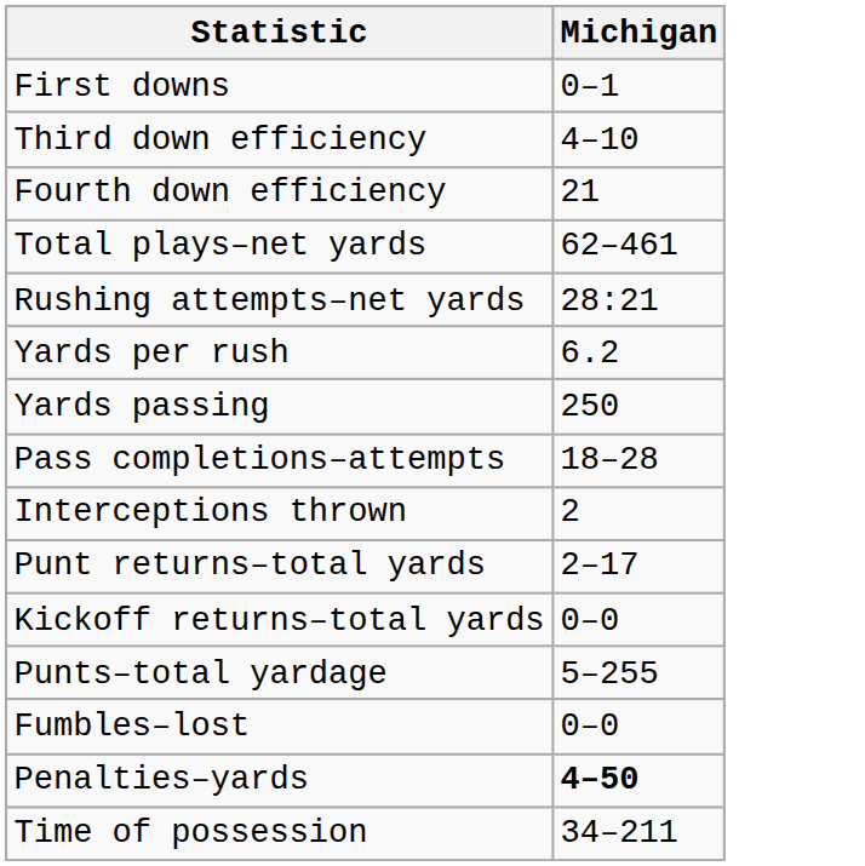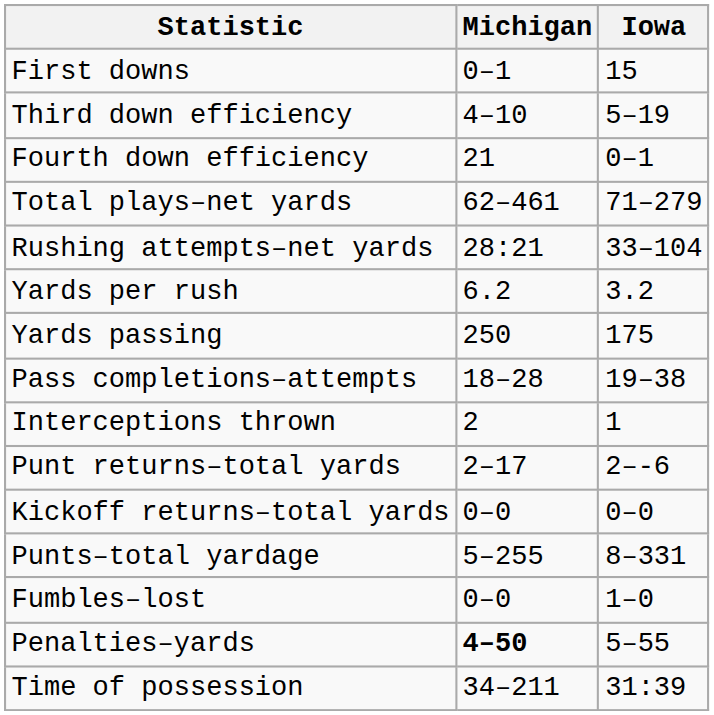 <table class="wikitable">
 <tr>
 <th>Statistic</th>
 <th><strong>Michigan</strong></th>
+<th><strong>Iowa</strong></th>
 </tr>
 <tr>
 <td>First downs</td>
 <td>0–1</td>
+<td>15</td>
 </tr>
 <tr>
 <td>Third down efficiency</td>
 <td>4–10</td>
+<td>5–19</td>
 </tr>
 <tr>
 <td>Fourth down efficiency</td>
 <td>21</td>
+<td>0–1</td>
 </tr>
 <tr>
 <td>Total plays–net yards</td>
 <td>62–461</td>
+<td>71–279</td>
 </tr>
 <tr>
 <td>Rushing attempts–net yards</td>
 <td>28:21</td>
+<td>33–104</td>
 </tr>
 <tr>
 <td>Yards per rush</td>
 <td>6.2</td>
+<td>3.2</td>
 </tr>
 <tr>
 <td>Yards passing</td>
 <td>250</td>
+<td>175</td>
 </tr>
 <tr>
 <td>Pass completions–attempts</td>
 <td>18–28</td>
+<td>19–38</td>
 </tr>
 <tr>
 <td>Interceptions thrown</td>
 <td>2</td>
+<td>1</td>
 </tr>
 <tr>
 <td>Punt returns–total yards</td>
 <td>2–17</td>
+<td>2–-6</td>
 </tr>
 <tr>
 <td>Kickoff returns–total yards</td>
+<td>0–0</td>
 <td>0–0</td>
 </tr>
 <tr>
 <td>Punts–total yardage</td>
 <td>5–255</td>
+<td>8–331</td>
 </tr>
 <tr>
 <td>Fumbles–lost</td>
 <td>0–0</td>
+<td>1–0</td>
 </tr>
 <tr>
 <td>Penalties–yards</td>
 <td><strong>4–50</strong></td>
+<td>5–55</td>
 </tr>
 <tr>
 <td>Time of possession</td>
 <td>34–211</td>
+<td>31:39</td>
 </tr>
 </table>
